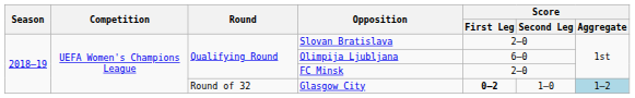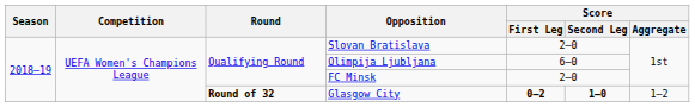 <table class="wikitable" style="text-align:center">
 <tr>
 <th rowspan=2 width=60>Season</th>
 <th rowspan=2 width=190>Competition</th>
 <th rowspan=2 width=150>Round</th>
 <th rowspan=2 width=230>Opposition</th>
 <th colspan=3>Score</th>
 </tr>
 <tr>
 <th>First Leg</th>
 <th>Second Leg</th>
 <th>Aggregate</th>
 </tr>
 <tr>
 <td rowspan=5><a href='#'>2018–19</a></td>
 <td rowspan=4><a href='#'>UEFA Women's Champions League</a></td>
 <td align=left rowspan=3><a href='#'>Qualifying Round</a></td>
 <td align=left> <a href='#'>Slovan Bratislava</a></td>
 <td colspan=2>2–0</td>
 <td rowspan=3>1st</td>
 </tr>
 <tr>
 <td align=left> <a href='#'>Olimpija Ljubljana</a></td>
 <td colspan=2>6–0</td>
 </tr>
 <tr>
 <td align=left> <a href='#'>FC Minsk</a></td>
 <td colspan=2>2–0</td>
 </tr>
 <tr>
-<td align=left>Round of 32</td>
+<td align=left><strong>Round of 32</strong></td>
 <td align=left> <a href='#'>Glasgow City</a></td>
 <td><strong>0–2</strong></td>
-<td>1–0</td>
-<td style="background: lightblue;">1–2</td>
+<td><strong>1–0</strong></td>
+<td>1–2</td>
 </tr>
 </table>
